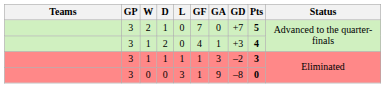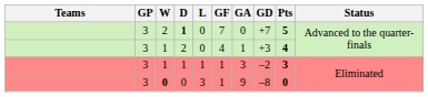 <table class=wikitable style="text-align:center">
 <tr>
 <th width=185>Teams</th>
 <th width=20>GP</th>
 <th width=20>W</th>
 <th width=20>D</th>
 <th width=20>L</th>
 <th width=20>GF</th>
 <th width=20>GA</th>
 <th width=20>GD</th>
 <th width=20>Pts</th>
 <th width=181>Status</th>
 </tr>
 <tr bgcolor="#D0F0C0">
 <td style="text-align:left;"></td>
 <td>3</td>
 <td>2</td>
-<td>1</td>
+<td><strong>1</strong></td>
 <td>0</td>
 <td>7</td>
 <td>0</td>
 <td>+7</td>
 <td><strong>5</strong></td>
 <td rowspan=2>Advanced to the quarter-finals</td>
 </tr>
 <tr bgcolor="#D0F0C0">
 <td style="text-align:left;"></td>
 <td>3</td>
 <td>1</td>
 <td>2</td>
 <td>0</td>
 <td>4</td>
 <td>1</td>
 <td>+3</td>
 <td><strong>4</strong></td>
 </tr>
 <tr bgcolor=#FF8888>
 <td style="text-align:left;"></td>
 <td>3</td>
 <td>1</td>
 <td>1</td>
 <td>1</td>
 <td>1</td>
 <td>3</td>
 <td>–2</td>
 <td><strong>3</strong></td>
 <td rowspan=2>Eliminated</td>
 </tr>
 <tr bgcolor=#FF8888>
 <td style="text-align:left;"></td>
 <td>3</td>
-<td>0</td>
+<td><strong>0</strong></td>
 <td>0</td>
 <td>3</td>
 <td>1</td>
 <td>9</td>
 <td>–8</td>
 <td><strong>0</strong></td>
 </tr>
 </table>
